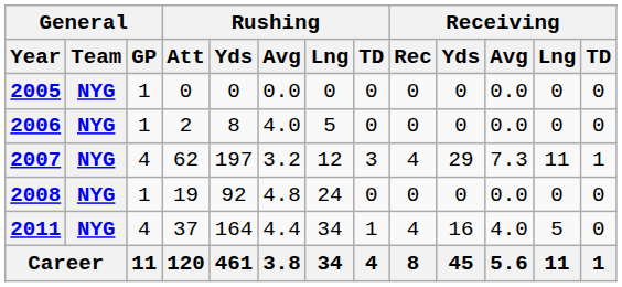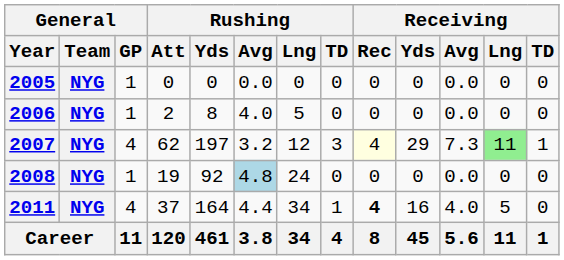 <table class="wikitable" style="text-align:center;">
 <tr>
 <th colspan="3">General</th>
 <th colspan="5">Rushing</th>
 <th colspan="5">Receiving</th>
 </tr>
 <tr>
 <th>Year</th>
 <th>Team</th>
 <th>GP</th>
 <th>Att</th>
 <th>Yds</th>
 <th>Avg</th>
 <th>Lng</th>
 <th>TD</th>
 <th>Rec</th>
 <th>Yds</th>
 <th>Avg</th>
 <th>Lng</th>
 <th>TD</th>
 </tr>
 <tr>
 <th><a href='#'>2005</a></th>
 <th><a href='#'>NYG</a></th>
 <td>1</td>
 <td>0</td>
 <td>0</td>
 <td>0.0</td>
 <td>0</td>
 <td>0</td>
 <td>0</td>
 <td>0</td>
 <td>0.0</td>
 <td>0</td>
 <td>0</td>
 </tr>
 <tr>
 <th><a href='#'>2006</a></th>
 <th><a href='#'>NYG</a></th>
 <td>1</td>
 <td>2</td>
 <td>8</td>
 <td>4.0</td>
 <td>5</td>
 <td>0</td>
 <td>0</td>
 <td>0</td>
 <td>0.0</td>
 <td>0</td>
 <td>0</td>
 </tr>
 <tr>
 <th><a href='#'>2007</a></th>
 <th><a href='#'>NYG</a></th>
 <td>4</td>
 <td>62</td>
 <td>197</td>
 <td>3.2</td>
 <td>12</td>
 <td>3</td>
-<td>4</td>
+<td style="background: lightyellow;">4</td>
 <td>29</td>
 <td>7.3</td>
-<td>11</td>
+<td style="background: lightgreen;">11</td>
 <td>1</td>
 </tr>
 <tr>
 <th><a href='#'>2008</a></th>
 <th><a href='#'>NYG</a></th>
 <td>1</td>
 <td>19</td>
 <td>92</td>
-<td>4.8</td>
+<td style="background: lightblue;">4.8</td>
 <td>24</td>
 <td>0</td>
 <td>0</td>
 <td>0</td>
 <td>0.0</td>
 <td>0</td>
 <td>0</td>
 </tr>
 <tr>
 <th><a href='#'>2011</a></th>
 <th><a href='#'>NYG</a></th>
 <td>4</td>
 <td>37</td>
 <td>164</td>
 <td>4.4</td>
 <td>34</td>
 <td>1</td>
-<td>4</td>
+<td><strong>4</strong></td>
 <td>16</td>
 <td>4.0</td>
 <td>5</td>
 <td>0</td>
 </tr>
 <tr>
 <th colspan="2">Career</th>
 <th>11</th>
 <th>120</th>
 <th>461</th>
 <th>3.8</th>
 <th>34</th>
 <th>4</th>
 <th>8</th>
 <th>45</th>
 <th>5.6</th>
 <th>11</th>
 <th>1</th>
 </tr>
 </table>
